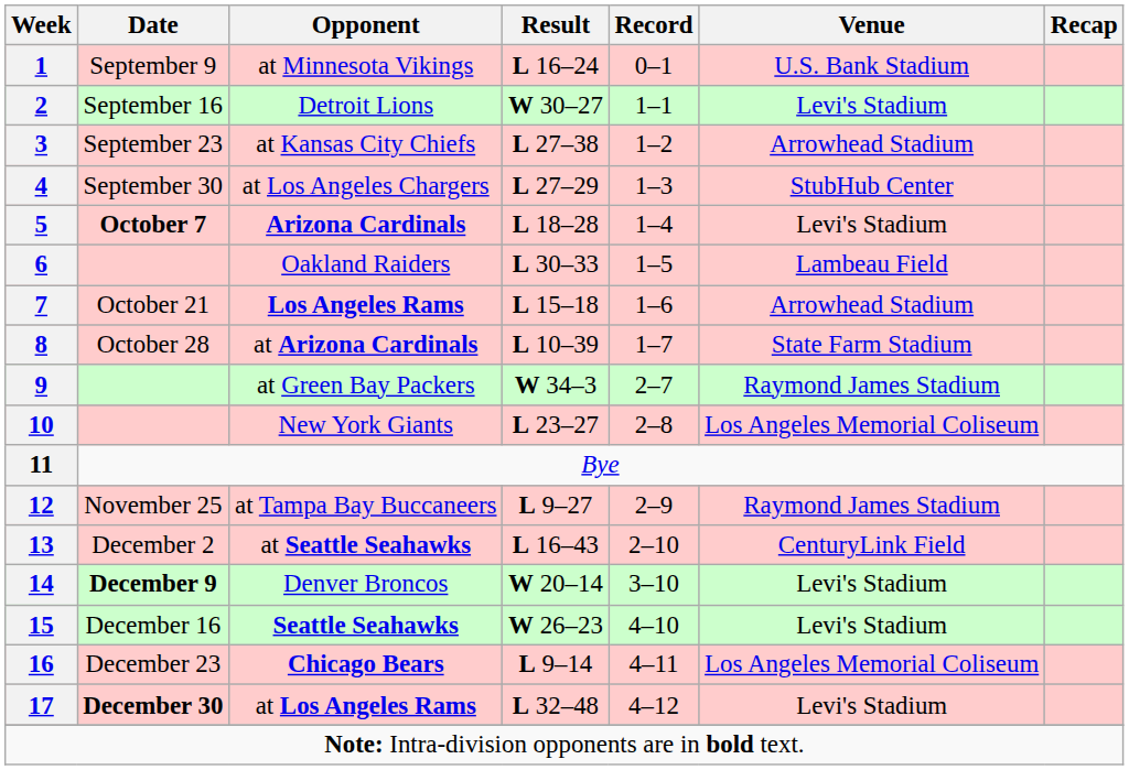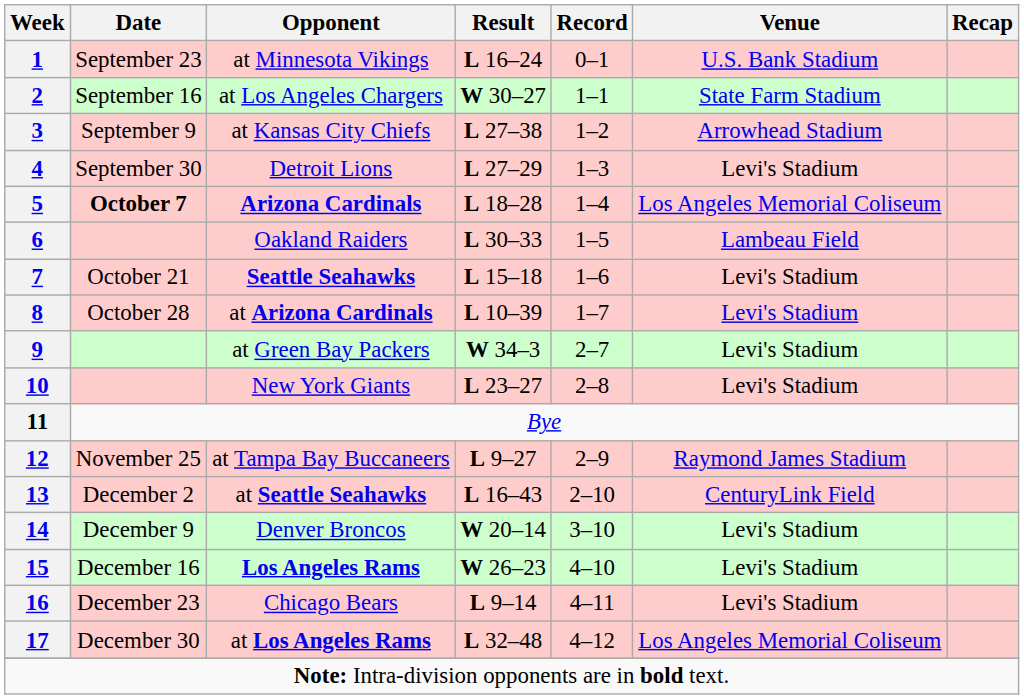 <table class="wikitable" style="text-align:center">
 <tr>
 <th>Week</th>
 <th>Date</th>
 <th>Opponent</th>
 <th>Result</th>
 <th>Record</th>
 <th>Venue</th>
 <th>Recap</th>
 </tr>
 <tr style="background:#fcc">
 <th><a href='#'>1</a></th>
-<td>September 9</td>
+<td>September 23</td>
 <td>at <a href='#'>Minnesota Vikings</a></td>
 <td><strong>L</strong> 16–24</td>
 <td>0–1</td>
 <td><a href='#'>U.S. Bank Stadium</a></td>
 <td></td>
 </tr>
 <tr style="background:#cfc">
 <th><a href='#'>2</a></th>
 <td>September 16</td>
-<td><a href='#'>Detroit Lions</a></td>
+<td>at <a href='#'>Los Angeles Chargers</a></td>
 <td><strong>W</strong> 30–27</td>
 <td>1–1</td>
-<td><a href='#'>Levi's Stadium</a></td>
+<td><a href='#'>State Farm Stadium</a></td>
 <td></td>
 </tr>
 <tr style="background:#fcc">
 <th><a href='#'>3</a></th>
-<td>September 23</td>
+<td>September 9</td>
 <td>at <a href='#'>Kansas City Chiefs</a></td>
 <td><strong>L</strong> 27–38</td>
 <td>1–2</td>
 <td><a href='#'>Arrowhead Stadium</a></td>
 <td></td>
 </tr>
 <tr style="background:#fcc">
 <th><a href='#'>4</a></th>
 <td>September 30</td>
-<td>at <a href='#'>Los Angeles Chargers</a></td>
+<td><a href='#'>Detroit Lions</a></td>
 <td><strong>L</strong> 27–29</td>
 <td>1–3</td>
-<td><a href='#'>StubHub Center</a></td>
+<td>Levi's Stadium</td>
 <td></td>
 </tr>
 <tr style="background:#fcc">
 <th><a href='#'>5</a></th>
 <td><strong>October 7</strong></td>
 <td><strong><a href='#'>Arizona Cardinals</a></strong></td>
 <td><strong>L</strong> 18–28</td>
 <td>1–4</td>
-<td>Levi's Stadium</td>
+<td><a href='#'>Los Angeles Memorial Coliseum</a></td>
 <td></td>
 </tr>
 <tr style="background:#fcc">
 <th><a href='#'>6</a></th>
 <td></td>
 <td><a href='#'>Oakland Raiders</a></td>
 <td><strong>L</strong> 30–33</td>
 <td>1–5</td>
 <td><a href='#'>Lambeau Field</a></td>
 <td></td>
 </tr>
 <tr style="background:#fcc">
 <th><a href='#'>7</a></th>
 <td>October 21</td>
-<td><strong><a href='#'>Los Angeles Rams</a></strong></td>
+<td><strong><a href='#'>Seattle Seahawks</a></strong></td>
 <td><strong>L</strong> 15–18</td>
 <td>1–6</td>
-<td><a href='#'>Arrowhead Stadium</a></td>
+<td>Levi's Stadium</td>
 <td></td>
 </tr>
 <tr style="background:#fcc">
 <th><a href='#'>8</a></th>
 <td>October 28</td>
 <td>at <strong><a href='#'>Arizona Cardinals</a></strong></td>
 <td><strong>L</strong> 10–39</td>
 <td>1–7</td>
-<td><a href='#'>State Farm Stadium</a></td>
+<td><a href='#'>Levi's Stadium</a></td>
 <td></td>
 </tr>
 <tr style="background:#cfc">
 <th><a href='#'>9</a></th>
 <td></td>
 <td>at <a href='#'>Green Bay Packers</a></td>
 <td><strong>W</strong> 34–3</td>
 <td>2–7</td>
-<td><a href='#'>Raymond James Stadium</a></td>
+<td>Levi's Stadium</td>
 <td></td>
 </tr>
 <tr style="background:#fcc">
 <th><a href='#'>10</a></th>
 <td></td>
 <td><a href='#'>New York Giants</a></td>
 <td><strong>L</strong> 23–27</td>
 <td>2–8</td>
-<td><a href='#'>Los Angeles Memorial Coliseum</a></td>
+<td>Levi's Stadium</td>
 <td></td>
 </tr>
 <tr>
 <th>11</th>
 <td colspan="6"><em><a href='#'>Bye</a></em></td>
 </tr>
 <tr style="background:#fcc">
 <th><a href='#'>12</a></th>
 <td>November 25</td>
 <td>at <a href='#'>Tampa Bay Buccaneers</a></td>
 <td><strong>L</strong> 9–27</td>
 <td>2–9</td>
 <td><a href='#'>Raymond James Stadium</a></td>
 <td></td>
 </tr>
 <tr style="background:#fcc">
 <th><a href='#'>13</a></th>
 <td>December 2</td>
 <td>at <strong><a href='#'>Seattle Seahawks</a></strong></td>
 <td><strong>L</strong> 16–43</td>
 <td>2–10</td>
 <td><a href='#'>CenturyLink Field</a></td>
 <td></td>
 </tr>
 <tr style="background:#cfc">
 <th><a href='#'>14</a></th>
-<td><strong>December 9</strong></td>
+<td>December 9</td>
 <td><a href='#'>Denver Broncos</a></td>
 <td><strong>W</strong> 20–14</td>
 <td>3–10</td>
 <td>Levi's Stadium</td>
 <td></td>
 </tr>
 <tr style="background:#cfc">
 <th><a href='#'>15</a></th>
 <td>December 16</td>
-<td><strong><a href='#'>Seattle Seahawks</a></strong></td>
+<td><strong><a href='#'>Los Angeles Rams</a></strong></td>
 <td><strong>W</strong> 26–23 </td>
 <td>4–10</td>
 <td>Levi's Stadium</td>
 <td></td>
 </tr>
 <tr style="background:#fcc">
 <th><a href='#'>16</a></th>
 <td>December 23</td>
-<td><strong><a href='#'>Chicago Bears</a></strong></td>
+<td><a href='#'>Chicago Bears</a></td>
 <td><strong>L</strong> 9–14</td>
 <td>4–11</td>
-<td><a href='#'>Los Angeles Memorial Coliseum</a></td>
+<td>Levi's Stadium</td>
 <td></td>
 </tr>
 <tr style="background:#fcc">
 <th><a href='#'>17</a></th>
-<td><strong>December 30</strong></td>
+<td>December 30</td>
 <td>at <strong><a href='#'>Los Angeles Rams</a></strong></td>
 <td><strong>L</strong> 32–48</td>
 <td>4–12</td>
-<td>Levi's Stadium</td>
+<td><a href='#'>Los Angeles Memorial Coliseum</a></td>
 <td></td>
 </tr>
 <tr>
 </tr>
 <tr>
 <td colspan="8"><strong>Note:</strong> Intra-division opponents are in <strong>bold</strong> text.</td>
 </tr>
 </table>
